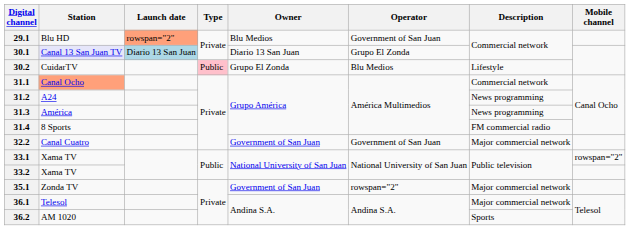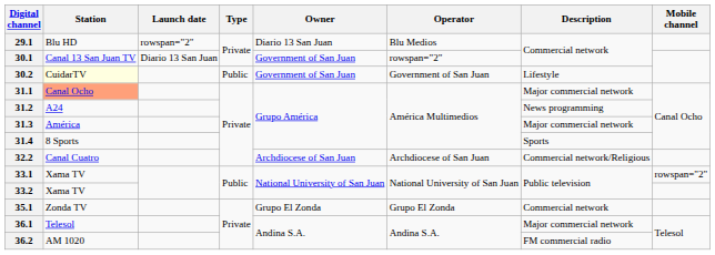 <table class="wikitable sortable" style="font-size: 90%;">
 <tr>
 <th><a href='#'>Digital<br>channel</a></th>
 <th>Station</th>
 <th>Launch date</th>
 <th>Type</th>
 <th>Owner</th>
 <th>Operator</th>
 <th>Description</th>
 <th>Mobile<br>channel</th>
 </tr>
 <tr>
 <th>29.1</th>
 <td>Blu HD</td>
-<td style="background: lightsalmon;">rowspan="2" </td>
+<td>rowspan="2" </td>
 <td rowspan="2">Private</td>
+<td>Diario 13 San Juan</td>
 <td>Blu Medios</td>
-<td>Government of San Juan</td>
 <td rowspan="2">Commercial network</td>
 <td></td>
 </tr>
 <tr>
 <th>30.1</th>
-<td style="background: lavender;"><a href='#'>Canal 13 San Juan TV</a></td>
-<td style="background: lightblue;">Diario 13 San Juan</td>
+<td><a href='#'>Canal 13 San Juan TV</a></td>
 <td>Diario 13 San Juan</td>
-<td>Grupo El Zonda</td>
+<td><a href='#'>Government of San Juan</a></td>
+<td>rowspan="2" </td>
 </tr>
 <tr>
 <th>30.2</th>
-<td>CuidarTV</td>
+<td style="background: lightyellow;">CuidarTV</td>
 <td></td>
-<td style="background: pink;">Public</td>
-<td>Grupo El Zonda</td>
-<td>Blu Medios</td>
+<td>Public</td>
+<td><a href='#'>Government of San Juan</a></td>
+<td>Government of San Juan</td>
 <td>Lifestyle</td>
 </tr>
 <tr>
 <th>31.1</th>
 <td style="background: lightsalmon;"><a href='#'>Canal Ocho</a> </td>
 <td></td>
 <td rowspan="5">Private</td>
 <td rowspan="4"><a href='#'>Grupo América</a></td>
 <td rowspan="4">América Multimedios</td>
-<td>Commercial network</td>
+<td>Major commercial network</td>
 <td rowspan="4">Canal Ocho</td>
 </tr>
 <tr>
 <th>31.2</th>
 <td><a href='#'>A24</a></td>
 <td></td>
 <td>News programming</td>
 </tr>
 <tr>
 <th>31.3</th>
 <td><a href='#'>América</a></td>
 <td></td>
-<td>News programming</td>
+<td>Major commercial network</td>
 </tr>
 <tr>
 <th>31.4</th>
 <td>8 Sports</td>
 <td></td>
-<td>FM commercial radio</td>
+<td>Sports</td>
 </tr>
 <tr>
 <th>32.2</th>
 <td><a href='#'>Canal Cuatro</a></td>
 <td></td>
-<td><a href='#'>Government of San Juan</a></td>
-<td>Government of San Juan</td>
-<td>Major commercial network</td>
+<td><a href='#'>Archdiocese of San Juan</a></td>
+<td>Archdiocese of San Juan</td>
+<td>Commercial network/Religious</td>
 <td></td>
 </tr>
 <tr>
 <th>33.1</th>
 <td>Xama TV</td>
 <td rowspan="2"></td>
 <td rowspan="2">Public</td>
 <td rowspan="2"><a href='#'>National University of San Juan</a></td>
 <td rowspan="2">National University of San Juan</td>
 <td rowspan="2">Public television</td>
 <td>rowspan="2" </td>
 </tr>
 <tr>
 <th>33.2</th>
 <td>Xama TV </td>
 </tr>
 <tr>
 <th>35.1</th>
 <td>Zonda TV</td>
 <td></td>
 <td rowspan="3">Private</td>
-<td><a href='#'>Government of San Juan</a></td>
-<td>rowspan="2" </td>
-<td>Major commercial network</td>
+<td>Grupo El Zonda</td>
+<td>Grupo El Zonda</td>
+<td>Commercial network</td>
 <td></td>
 </tr>
 <tr>
 <th>36.1</th>
 <td><a href='#'>Telesol</a> </td>
 <td></td>
 <td rowspan="2">Andina S.A.</td>
 <td rowspan="2">Andina S.A.</td>
 <td>Major commercial network</td>
 <td rowspan="2">Telesol</td>
 </tr>
 <tr>
 <th>36.2</th>
 <td>AM 1020</td>
 <td></td>
-<td>Sports</td>
+<td>FM commercial radio</td>
 </tr>
 </table>
